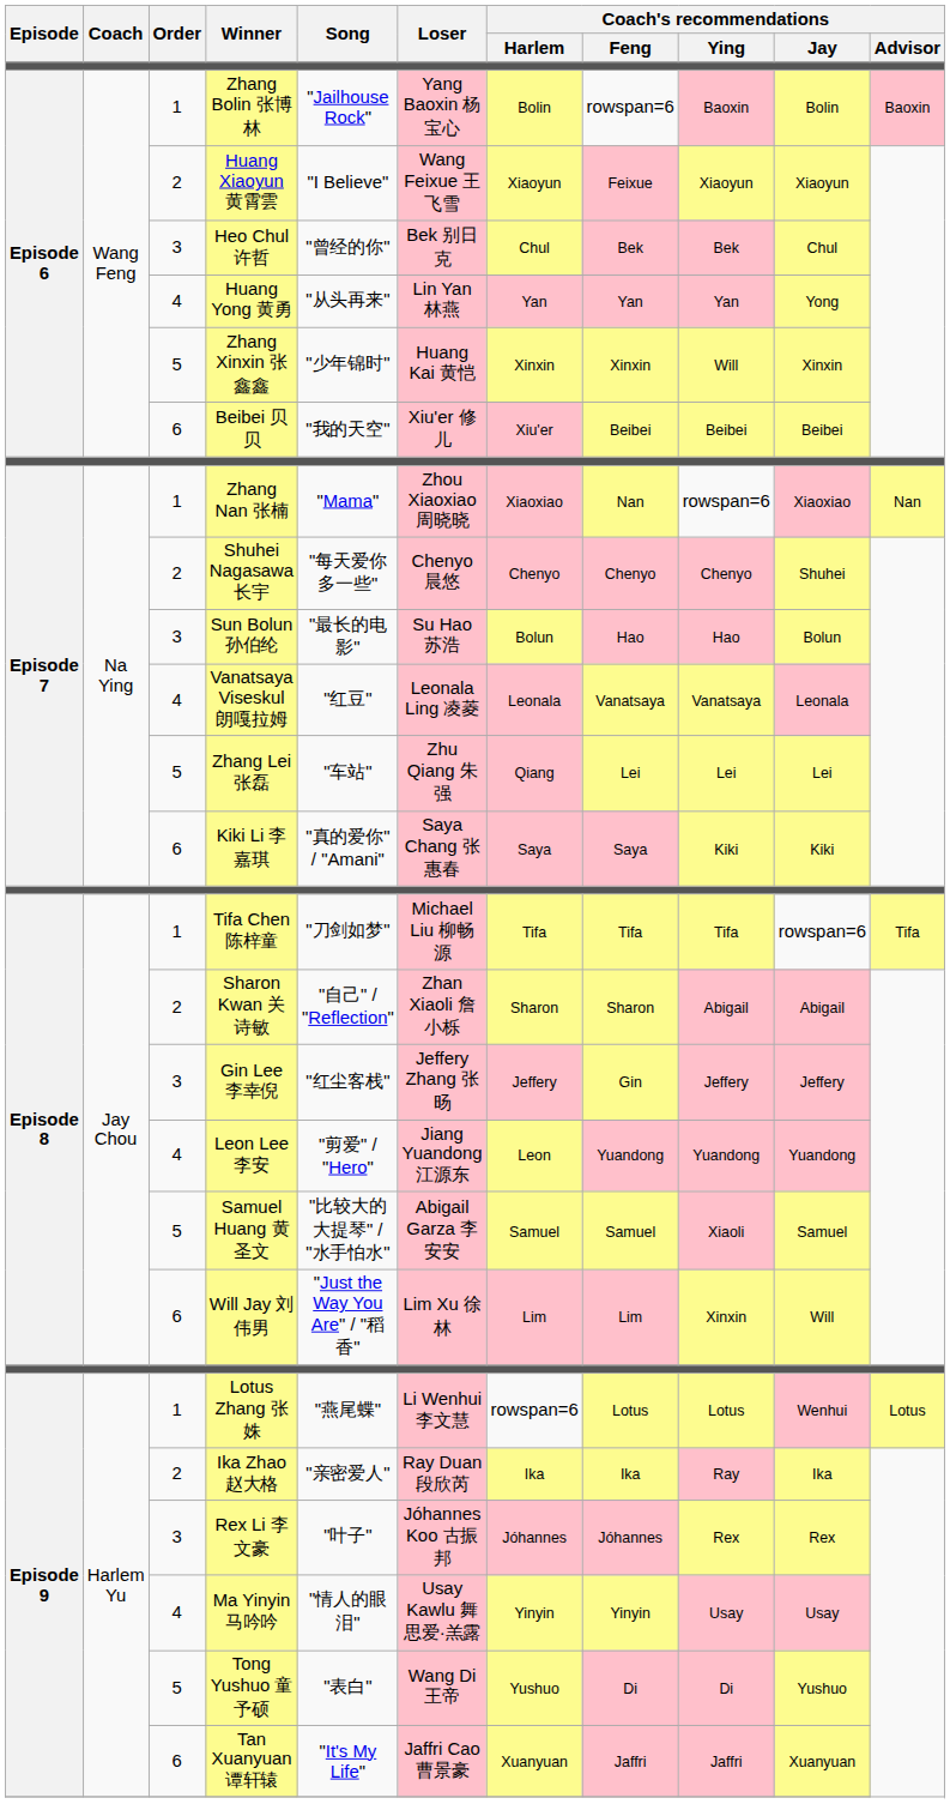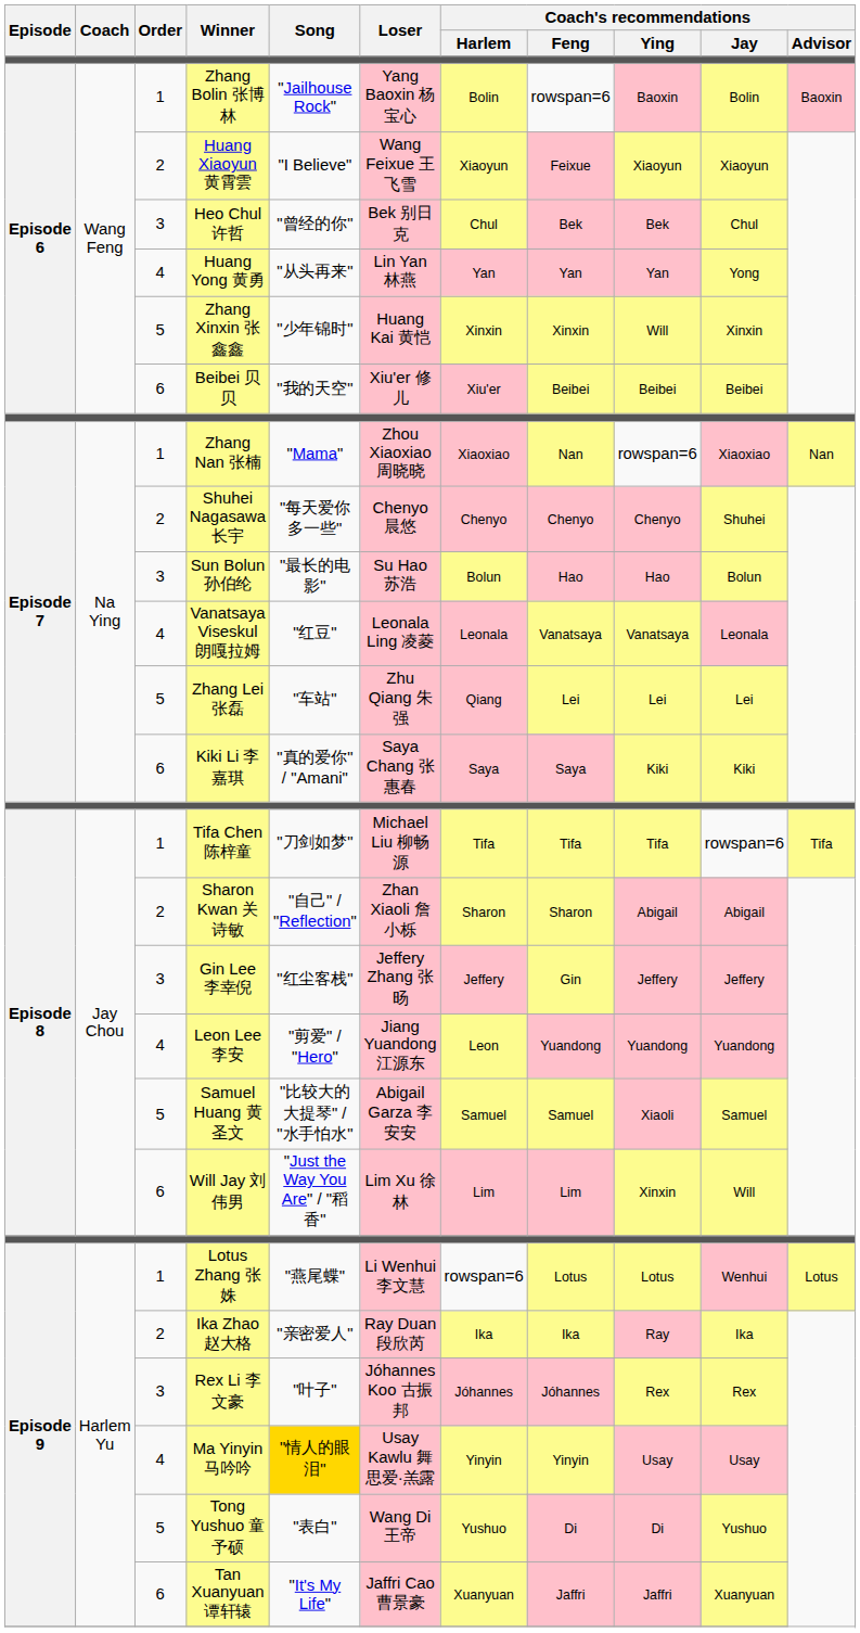 <table class="wikitable" style="text-align: center; width:100%;">
 <tr>
 <th rowspan="2" style="width:10%;">Episode</th>
 <th rowspan="2" style="width:10%;">Coach</th>
 <th rowspan="2" style="width:5%;">Order</th>
 <th rowspan="2" style="width:17.5%;">Winner</th>
 <th rowspan="2" style="width:19.9%;">Song</th>
 <th rowspan="2" style="width:17.5%;">Loser</th>
 <th colspan="5">Coach's recommendations</th>
 </tr>
 <tr>
 <th style="width:4%;">Harlem</th>
 <th style="width:4%;">Feng</th>
 <th style="width:4%;">Ying</th>
 <th style="width:4%;">Jay</th>
 <th style="width:4%;">Advisor</th>
 </tr>
 <tr>
 <td colspan="11" style="background:#555;"></td>
 </tr>
 <tr>
 <th rowspan="6">Episode 6<br><small></small></th>
 <td rowspan=6>Wang Feng</td>
 <td>1</td>
 <td style="background:#fdfc8f">Zhang Bolin 张博林</td>
 <td>"<a href='#'>Jailhouse Rock</a>"</td>
 <td style="background:pink;">Yang Baoxin 杨宝心</td>
 <td style="background:#fdfc8f"><small>Bolin</small></td>
 <td>rowspan=6 </td>
 <td style="background:pink;"><small>Baoxin</small></td>
 <td style="background:#fdfc8f"><small>Bolin</small></td>
 <td style="background:pink;"><small>Baoxin</small></td>
 </tr>
 <tr>
 <td>2</td>
 <td style="background:#fdfc8f"><a href='#'>Huang Xiaoyun</a> 黄霄雲</td>
 <td>"I Believe"</td>
 <td style="background:pink;">Wang Feixue 王飞雪</td>
 <td style="background:#fdfc8f"><small>Xiaoyun</small></td>
 <td style="background:pink;"><small>Feixue</small></td>
 <td style="background:#fdfc8f"><small>Xiaoyun</small></td>
 <td style="background:#fdfc8f"><small>Xiaoyun</small></td>
 </tr>
 <tr>
 <td>3</td>
 <td style="background:#fdfc8f">Heo Chul 许哲</td>
 <td>"曾经的你"</td>
 <td style="background:pink;">Bek 别日克</td>
 <td style="background:#fdfc8f"><small>Chul</small></td>
 <td style="background:pink;"><small>Bek</small></td>
 <td style="background:pink;"><small>Bek</small></td>
 <td style="background:#fdfc8f"><small>Chul</small></td>
 </tr>
 <tr>
 <td>4</td>
 <td style="background:#fdfc8f">Huang Yong 黄勇</td>
 <td>"从头再来"</td>
 <td style="background:pink;">Lin Yan 林燕</td>
 <td style="background:pink;"><small>Yan</small></td>
 <td style="background:pink;"><small>Yan</small></td>
 <td style="background:pink;"><small>Yan</small></td>
 <td style="background:#fdfc8f"><small>Yong</small></td>
 </tr>
 <tr>
 <td>5</td>
 <td style="background:#fdfc8f">Zhang Xinxin 张鑫鑫</td>
 <td>"少年锦时"</td>
 <td style="background:pink;">Huang Kai 黄恺</td>
 <td style="background:#fdfc8f"><small>Xinxin</small></td>
 <td style="background:#fdfc8f"><small>Xinxin</small></td>
 <td style="background:#fdfc8f"><small>Will</small></td>
 <td style="background:#fdfc8f"><small>Xinxin</small></td>
 </tr>
 <tr>
 <td>6</td>
 <td style="background:#fdfc8f">Beibei 贝贝</td>
 <td>"我的天空"</td>
 <td style="background:pink;">Xiu'er 修儿</td>
 <td style="background:pink;"><small>Xiu'er</small></td>
 <td style="background:#fdfc8f"><small>Beibei</small></td>
 <td style="background:#fdfc8f"><small>Beibei</small></td>
 <td style="background:#fdfc8f"><small>Beibei</small></td>
 </tr>
 <tr>
 <td colspan="11" style="background:#555;"></td>
 </tr>
 <tr>
 <th rowspan="6">Episode 7<br><small></small></th>
 <td rowspan=6>Na Ying</td>
 <td>1</td>
 <td style="background:#fdfc8f">Zhang Nan 张楠</td>
 <td>"<a href='#'>Mama</a>"</td>
 <td style="background:pink;">Zhou Xiaoxiao 周晓晓</td>
 <td style="background:pink;"><small>Xiaoxiao</small></td>
 <td style="background:#fdfc8f"><small>Nan</small></td>
 <td>rowspan=6 </td>
 <td style="background:pink;"><small>Xiaoxiao</small></td>
 <td style="background:#fdfc8f"><small>Nan</small></td>
 </tr>
 <tr>
 <td>2</td>
 <td style="background:#fdfc8f">Shuhei Nagasawa 长宇</td>
 <td>"每天爱你多一些"</td>
 <td style="background:pink;">Chenyo 晨悠</td>
 <td style="background:pink;"><small>Chenyo</small></td>
 <td style="background:pink;"><small>Chenyo</small></td>
 <td style="background:pink;"><small>Chenyo</small></td>
 <td style="background:#fdfc8f"><small>Shuhei</small></td>
 </tr>
 <tr>
 <td>3</td>
 <td style="background:#fdfc8f">Sun Bolun 孙伯纶</td>
 <td>"最长的电影"</td>
 <td style="background:pink;">Su Hao 苏浩</td>
 <td style="background:#fdfc8f"><small>Bolun</small></td>
 <td style="background:pink;"><small>Hao</small></td>
 <td style="background:pink;"><small>Hao</small></td>
 <td style="background:#fdfc8f"><small>Bolun</small></td>
 </tr>
 <tr>
 <td>4</td>
 <td style="background:#fdfc8f">Vanatsaya Viseskul 朗嘎拉姆</td>
 <td>"红豆"</td>
 <td style="background:pink;">Leonala Ling 凌菱</td>
 <td style="background:pink;"><small>Leonala</small></td>
 <td style="background:#fdfc8f"><small>Vanatsaya</small></td>
 <td style="background:#fdfc8f"><small>Vanatsaya</small></td>
 <td style="background:pink;"><small>Leonala</small></td>
 </tr>
 <tr>
 <td>5</td>
 <td style="background:#fdfc8f">Zhang Lei 张磊</td>
 <td>"车站"</td>
 <td style="background:pink;">Zhu Qiang 朱强</td>
 <td style="background:pink;"><small>Qiang</small></td>
 <td style="background:#fdfc8f"><small>Lei</small></td>
 <td style="background:#fdfc8f"><small>Lei</small></td>
 <td style="background:#fdfc8f"><small>Lei</small></td>
 </tr>
 <tr>
 <td>6</td>
 <td style="background:#fdfc8f">Kiki Li 李嘉琪</td>
 <td>"真的爱你" / "Amani"</td>
 <td style="background:pink;">Saya Chang 张惠春</td>
 <td style="background:pink;"><small>Saya</small></td>
 <td style="background:pink;"><small>Saya</small></td>
 <td style="background:#fdfc8f"><small>Kiki</small></td>
 <td style="background:#fdfc8f"><small>Kiki</small></td>
 </tr>
 <tr>
 <td colspan="11" style="background:#555;"></td>
 </tr>
 <tr>
 <th rowspan="6">Episode 8<br><small></small></th>
 <td rowspan=6>Jay Chou</td>
 <td>1</td>
 <td style="background:#fdfc8f">Tifa Chen 陈梓童</td>
 <td>"刀剑如梦"</td>
 <td style="background:pink;">Michael Liu 柳畅源</td>
 <td style="background:#fdfc8f"><small>Tifa</small></td>
 <td style="background:#fdfc8f"><small>Tifa</small></td>
 <td style="background:#fdfc8f"><small>Tifa</small></td>
 <td>rowspan=6 </td>
 <td style="background:#fdfc8f"><small>Tifa</small></td>
 </tr>
 <tr>
 <td>2</td>
 <td style="background:#fdfc8f">Sharon Kwan 关诗敏</td>
 <td>"自己" / "<a href='#'>Reflection</a>"</td>
 <td style="background:pink;">Zhan Xiaoli 詹小栎</td>
 <td style="background:#fdfc8f"><small>Sharon</small></td>
 <td style="background:#fdfc8f"><small>Sharon</small></td>
 <td style="background:pink"><small>Abigail</small></td>
 <td style="background:pink"><small>Abigail</small></td>
 </tr>
 <tr>
 <td>3</td>
 <td style="background:#fdfc8f">Gin Lee 李幸倪</td>
 <td>"红尘客栈"</td>
 <td style="background:pink;">Jeffery Zhang 张旸</td>
 <td style="background:pink"><small>Jeffery</small></td>
 <td style="background:#fdfc8f"><small>Gin</small></td>
 <td style="background:pink"><small>Jeffery</small></td>
 <td style="background:pink"><small>Jeffery</small></td>
 </tr>
 <tr>
 <td>4</td>
 <td style="background:#fdfc8f">Leon Lee 李安</td>
 <td>"剪爱" / "<a href='#'>Hero</a>"</td>
 <td style="background:pink;">Jiang Yuandong 江源东</td>
 <td style="background:#fdfc8f"><small>Leon</small></td>
 <td style="background:pink"><small>Yuandong</small></td>
 <td style="background:pink"><small>Yuandong</small></td>
 <td style="background:pink"><small>Yuandong</small></td>
 </tr>
 <tr>
 <td>5</td>
 <td style="background:#fdfc8f">Samuel Huang 黄圣文</td>
 <td>"比较大的大提琴" / "水手怕水"</td>
 <td style="background:pink;">Abigail Garza 李安安</td>
 <td style="background:#fdfc8f"><small>Samuel</small></td>
 <td style="background:#fdfc8f"><small>Samuel</small></td>
 <td style="background:pink"><small>Xiaoli</small></td>
 <td style="background:#fdfc8f"><small>Samuel</small></td>
 </tr>
 <tr>
 <td>6</td>
 <td style="background:#fdfc8f">Will Jay 刘伟男</td>
 <td>"<a href='#'>Just the Way You Are</a>" / "稻香"</td>
 <td style="background:pink;">Lim Xu 徐林</td>
 <td style="background:pink"><small>Lim</small></td>
 <td style="background:pink"><small>Lim</small></td>
 <td style="background:#fdfc8f"><small>Xinxin</small></td>
 <td style="background:#fdfc8f"><small>Will</small></td>
 </tr>
 <tr>
 <td colspan="11" style="background:#555;"></td>
 </tr>
 <tr>
 <th rowspan="6">Episode 9<br><small></small></th>
 <td rowspan=6>Harlem Yu</td>
 <td>1</td>
 <td style="background:#fdfc8f">Lotus Zhang 张姝</td>
 <td>"燕尾蝶"</td>
 <td style="background:pink;">Li Wenhui 李文慧</td>
 <td>rowspan=6 </td>
 <td style="background:#fdfc8f"><small>Lotus</small></td>
 <td style="background:#fdfc8f"><small>Lotus</small></td>
 <td style="background:pink"><small>Wenhui</small></td>
 <td style="background:#fdfc8f"><small>Lotus</small></td>
 </tr>
 <tr>
 <td>2</td>
 <td style="background:#fdfc8f">Ika Zhao 赵大格</td>
 <td>"亲密爱人"</td>
 <td style="background:pink;">Ray Duan 段欣芮</td>
 <td style="background:#fdfc8f"><small>Ika</small></td>
 <td style="background:#fdfc8f"><small>Ika</small></td>
 <td style="background:pink"><small>Ray</small></td>
 <td style="background:#fdfc8f"><small>Ika</small></td>
 </tr>
 <tr>
 <td>3</td>
 <td style="background:#fdfc8f">Rex Li 李文豪</td>
 <td>"叶子"</td>
 <td style="background:pink;">Jóhannes Koo 古振邦</td>
 <td style="background:pink"><small>Jóhannes</small></td>
 <td style="background:pink"><small>Jóhannes</small></td>
 <td style="background:#fdfc8f"><small>Rex</small></td>
 <td style="background:#fdfc8f"><small>Rex</small></td>
 </tr>
 <tr>
 <td>4</td>
 <td style="background:#fdfc8f">Ma Yinyin 马吟吟</td>
-<td>"情人的眼泪"</td>
+<td style="background: gold;">"情人的眼泪"</td>
 <td style="background:pink;">Usay Kawlu 舞思爱·羔露</td>
 <td style="background:#fdfc8f"><small>Yinyin</small></td>
 <td style="background:#fdfc8f"><small>Yinyin</small></td>
 <td style="background:pink"><small>Usay</small></td>
 <td style="background:pink"><small>Usay</small></td>
 </tr>
 <tr>
 <td>5</td>
 <td style="background:#fdfc8f">Tong Yushuo 童予硕</td>
 <td>"表白"</td>
 <td style="background:pink;">Wang Di 王帝</td>
 <td style="background:#fdfc8f"><small>Yushuo</small></td>
 <td style="background:pink"><small>Di</small></td>
 <td style="background:pink"><small>Di</small></td>
 <td style="background:#fdfc8f"><small>Yushuo</small></td>
 </tr>
 <tr>
 <td>6</td>
 <td style="background:#fdfc8f">Tan Xuanyuan 谭轩辕</td>
 <td>"<a href='#'>It's My Life</a>"</td>
 <td style="background:pink;">Jaffri Cao 曹景豪</td>
 <td style="background:#fdfc8f"><small>Xuanyuan</small></td>
 <td style="background:pink"><small>Jaffri</small></td>
 <td style="background:pink"><small>Jaffri</small></td>
 <td style="background:#fdfc8f"><small>Xuanyuan</small></td>
 </tr>
 <tr>
 </tr>
 </table>
